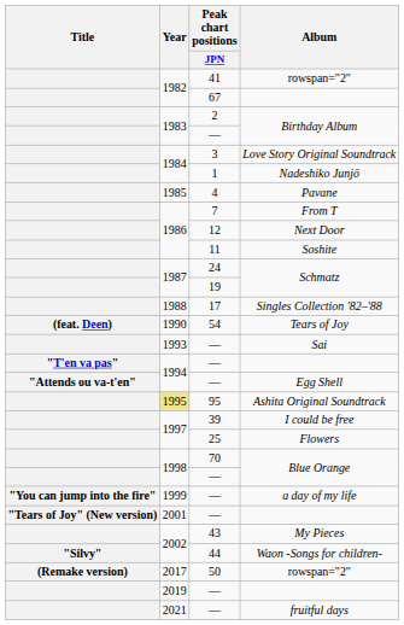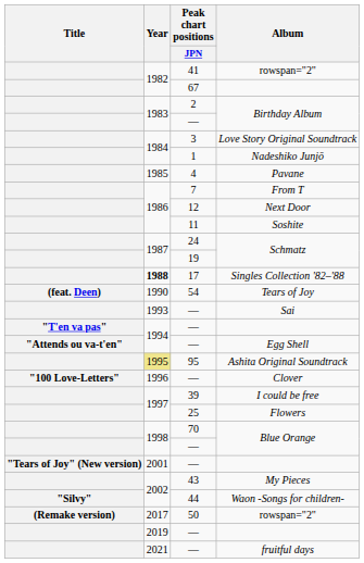 <table class="wikitable plainrowheaders" style="text-align:center;">
 <tr>
 <th scope="col" rowspan="2">Title</th>
 <th scope="col" rowspan="2">Year</th>
 <th scope="col">Peak chart positions</th>
 <th rowspan="2">Album</th>
 </tr>
 <tr>
 <th scope="col" style="width:2.5em;font-size:90%;"><a href='#'>JPN</a><br></th>
 </tr>
 <tr>
 <th scope="row"></th>
 <td rowspan="2">1982</td>
 <td>41</td>
 <td>rowspan="2" </td>
 </tr>
 <tr>
 <th scope="row"></th>
 <td>67</td>
 </tr>
 <tr>
 <th scope="row"></th>
 <td rowspan="2">1983</td>
 <td>2</td>
 <td rowspan="2"><em>Birthday Album</em></td>
 </tr>
 <tr>
 <th scope="row"></th>
 <td>—</td>
 </tr>
 <tr>
 <th scope="row"></th>
 <td rowspan="2">1984</td>
 <td>3</td>
 <td><em>Love Story Original Soundtrack</em></td>
 </tr>
 <tr>
 <th scope="row"></th>
 <td>1</td>
 <td><em>Nadeshiko Junjō</em></td>
 </tr>
 <tr>
 <th scope="row"></th>
 <td>1985</td>
 <td>4</td>
 <td><em>Pavane</em></td>
 </tr>
 <tr>
 <th scope="row"></th>
 <td rowspan="3">1986</td>
 <td>7</td>
 <td><em>From T</em></td>
 </tr>
 <tr>
 <th scope="row"></th>
 <td>12</td>
 <td><em>Next Door</em></td>
 </tr>
 <tr>
 <th scope="row"></th>
 <td>11</td>
 <td><em>Soshite</em></td>
 </tr>
 <tr>
 <th scope="row"></th>
 <td rowspan="2">1987</td>
 <td>24</td>
 <td rowspan="2"><em>Schmatz</em></td>
 </tr>
 <tr>
 <th scope="row"></th>
 <td>19</td>
 </tr>
 <tr>
 <th scope="row"></th>
-<td>1988</td>
+<td><strong>1988</strong></td>
 <td>17</td>
 <td><em>Singles Collection '82–'88</em></td>
 </tr>
 <tr>
 <th scope="row"> (feat. <a href='#'>Deen</a>)</th>
 <td>1990</td>
 <td>54</td>
 <td><em>Tears of Joy</em></td>
 </tr>
 <tr>
 <th scope="row"></th>
 <td>1993</td>
 <td>—</td>
 <td><em>Sai</em></td>
 </tr>
 <tr>
 <th scope="row">"<a href='#'>T'en va pas</a>"</th>
 <td rowspan="2">1994</td>
 <td>—</td>
 <td></td>
 </tr>
 <tr>
 <th scope="row">"Attends ou va-t'en"</th>
 <td>—</td>
 <td><em>Egg Shell</em></td>
 </tr>
 <tr>
 <th scope="row"></th>
 <td style="background: khaki;">1995</td>
 <td>95</td>
 <td><em>Ashita Original Soundtrack</em></td>
 </tr>
 <tr>
+<th scope="row">"100 Love-Letters"</th>
+<td>1996</td>
+<td>—</td>
+<td><em>Clover</em></td>
+</tr>
+<tr>
 <th scope="row"></th>
 <td rowspan="2">1997</td>
 <td>39</td>
 <td><em>I could be free</em></td>
 </tr>
 <tr>
 <th scope="row"></th>
 <td>25</td>
 <td><em>Flowers</em></td>
 </tr>
 <tr>
 <th scope="row"></th>
 <td rowspan="2">1998</td>
 <td>70</td>
 <td rowspan="2"><em>Blue Orange</em></td>
 </tr>
 <tr>
 <th scope="row"></th>
 <td>—</td>
-</tr>
-<tr>
-<th scope="row">"You can jump into the fire"</th>
-<td>1999</td>
-<td>—</td>
-<td><em>a day of my life</em></td>
 </tr>
 <tr>
 <th scope="row">"Tears of Joy" (New version)</th>
 <td>2001</td>
 <td>—</td>
 <td></td>
 </tr>
 <tr>
 <th scope="row"></th>
 <td rowspan="2">2002</td>
 <td>43</td>
 <td><em>My Pieces</em></td>
 </tr>
 <tr>
 <th scope="row">"Silvy"</th>
 <td>44</td>
 <td><em>Waon -Songs for children-</em></td>
 </tr>
 <tr>
 <th scope="row"> (Remake version)</th>
 <td>2017</td>
 <td>50</td>
 <td>rowspan="2" </td>
 </tr>
 <tr>
 <th scope="row"></th>
 <td>2019</td>
 <td>—</td>
 </tr>
 <tr>
 <th scope="row"></th>
 <td>2021</td>
 <td>—</td>
 <td><em>fruitful days</em></td>
 </tr>
 </table>
